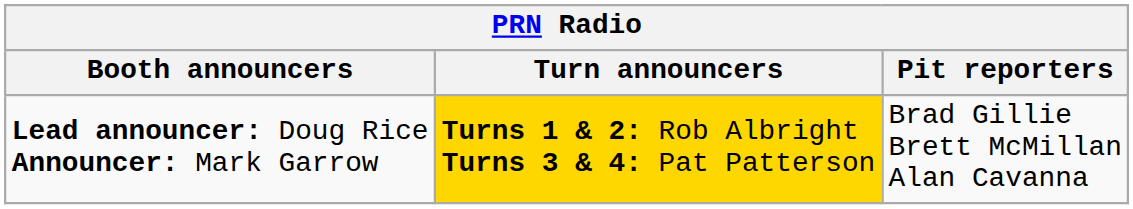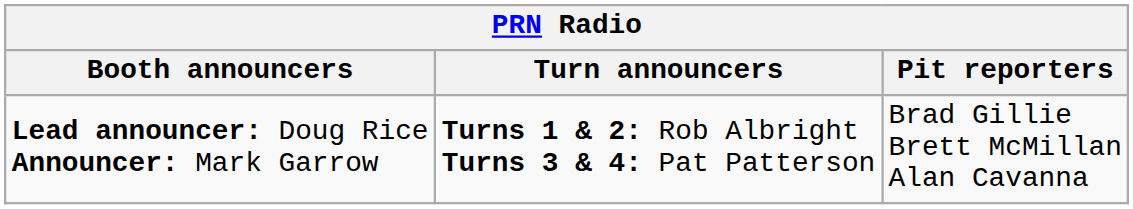 <table class="wikitable" style="font-size: 95%">
 <tr>
 <th colspan="3"><a href='#'>PRN</a> Radio</th>
 </tr>
 <tr>
 <th>Booth announcers</th>
 <th>Turn announcers</th>
 <th>Pit reporters</th>
 </tr>
 <tr>
 <td><strong>Lead announcer:</strong> Doug Rice<br><strong>Announcer:</strong> Mark Garrow</td>
-<td style="background: gold;"><strong>Turns 1 & 2:</strong> Rob Albright<br><strong>Turns 3 & 4:</strong> Pat Patterson</td>
+<td><strong>Turns 1 & 2:</strong> Rob Albright<br><strong>Turns 3 & 4:</strong> Pat Patterson</td>
 <td>Brad Gillie<br>Brett McMillan<br>Alan Cavanna</td>
 </tr>
 </table>
